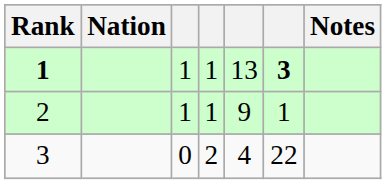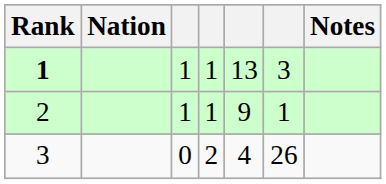 <table class="wikitable sortable" style="text-align: center;">
 <tr>
 <th>Rank</th>
 <th>Nation</th>
 <th></th>
 <th></th>
 <th></th>
 <th></th>
 <th>Notes</th>
 </tr>
 <tr style="background:#cfc;">
 <td><strong>1</strong></td>
 <td align=left></td>
 <td>1</td>
 <td>1</td>
 <td>13</td>
-<td><strong>3</strong></td>
+<td>3</td>
 <td></td>
 </tr>
 <tr style="background:#cfc;">
 <td>2</td>
 <td align=left></td>
 <td>1</td>
 <td>1</td>
 <td>9</td>
 <td>1</td>
 <td></td>
 </tr>
 <tr>
 <td>3</td>
 <td align=left></td>
 <td>0</td>
 <td>2</td>
 <td>4</td>
-<td>22</td>
+<td>26</td>
 <td></td>
 </tr>
 </table>
